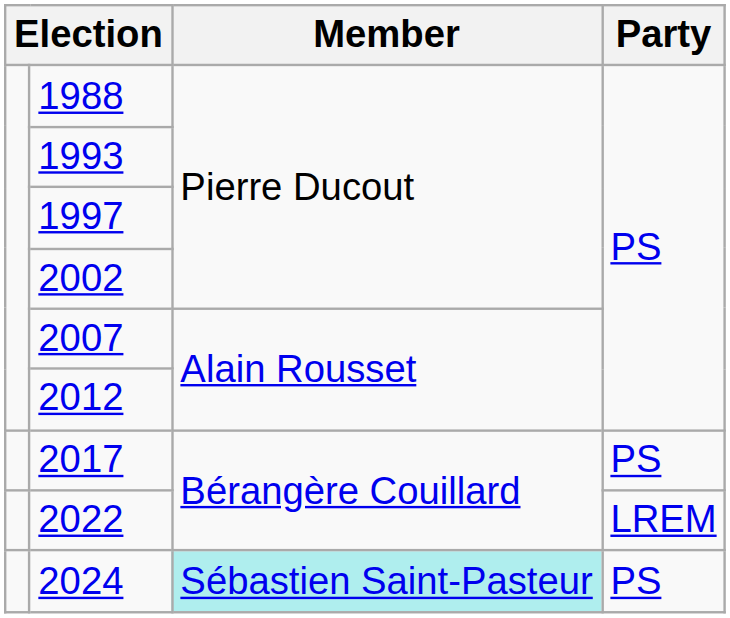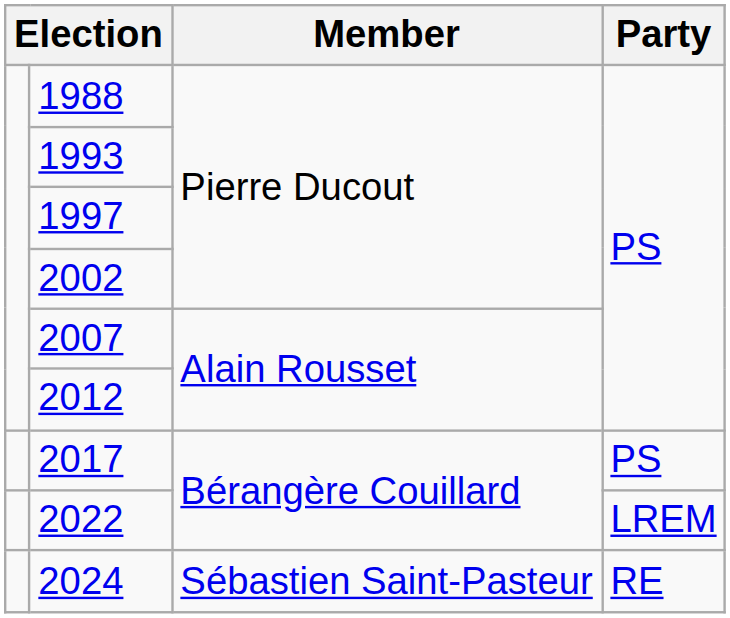 <table class="wikitable">
 <tr>
 <th colspan="2">Election</th>
 <th>Member</th>
 <th>Party</th>
 </tr>
 <tr>
 <td rowspan="6" style="color:inherit;background-color: "></td>
 <td><a href='#'>1988</a></td>
 <td rowspan="4">Pierre Ducout</td>
 <td rowspan="6"><a href='#'>PS</a></td>
 </tr>
 <tr>
 <td><a href='#'>1993</a></td>
 </tr>
 <tr>
 <td><a href='#'>1997</a></td>
 </tr>
 <tr>
 <td><a href='#'>2002</a></td>
 </tr>
 <tr>
 <td><a href='#'>2007</a></td>
 <td rowspan="2"><a href='#'>Alain Rousset</a></td>
 </tr>
 <tr>
 <td><a href='#'>2012</a></td>
 </tr>
 <tr>
 <td style="color:inherit;background-color: "></td>
 <td><a href='#'>2017</a></td>
 <td rowspan=2><a href='#'>Bérangère Couillard</a></td>
 <td><a href='#'>PS</a></td>
 </tr>
 <tr>
 <td style="color:inherit;background-color: "></td>
 <td><a href='#'>2022</a></td>
 <td><a href='#'>LREM</a></td>
 </tr>
 <tr>
 <td style="color:inherit;background-color: "></td>
 <td><a href='#'>2024</a></td>
-<td style="background: paleturquoise;"><a href='#'>Sébastien Saint-Pasteur</a></td>
-<td><a href='#'>PS</a></td>
+<td><a href='#'>Sébastien Saint-Pasteur</a></td>
+<td><a href='#'>RE</a></td>
 </tr>
 </table>
